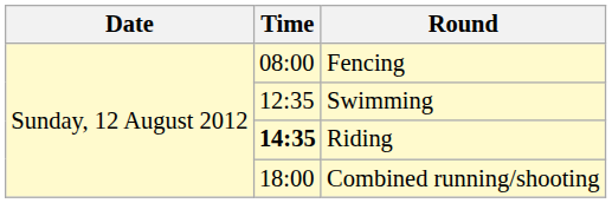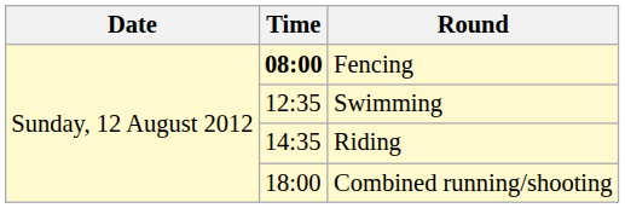 <table class="wikitable">
 <tr>
 <th>Date</th>
 <th>Time</th>
 <th>Round</th>
 </tr>
 <tr style="background:lemonchiffon">
 <td rowspan=4>Sunday, 12 August 2012</td>
-<td>08:00</td>
+<td><strong>08:00</strong></td>
 <td>Fencing</td>
 </tr>
 <tr style="background:lemonchiffon">
 <td>12:35</td>
 <td>Swimming</td>
 </tr>
 <tr style="background:lemonchiffon">
-<td><strong>14:35</strong></td>
+<td>14:35</td>
 <td>Riding</td>
 </tr>
 <tr style="background:lemonchiffon">
 <td>18:00</td>
 <td>Combined running/shooting</td>
 </tr>
 </table>
